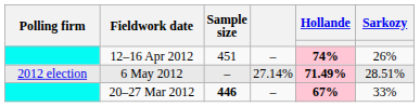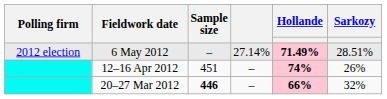 <table class="wikitable sortable" style="text-align:center;font-size:90%;line-height:14px;">
 <tr style="height:40px;">
 <th style="width:100px;" rowspan="2">Polling firm</th>
 <th style="width:110px;" rowspan="2">Fieldwork date</th>
 <th style="width:35px;" rowspan="2">Sample<br>size</th>
 <th style="width:30px;" rowspan="2"></th>
 <th class="unsortable" style="width:60px;"><a href='#'>Hollande</a><br></th>
 <th class="unsortable" style="width:60px;"><a href='#'>Sarkozy</a><br></th>
 </tr>
 <tr>
 <th style="background:"></th>
 <th style="background:"></th>
 </tr>
-<tr>
-<td style="background:#04FBF4;"></td>
-<td data-sort-value="2012-04-16">12–16 Apr 2012</td>
-<td>451</td>
-<td>–</td>
-<td style="background:#FFC6D5;"><strong>74%</strong></td>
-<td>26%</td>
-</tr>
 <tr style="background:#E9E9E9;">
 <td><a href='#'>2012 election</a></td>
 <td data-sort-value="2012-05-06">6 May 2012</td>
 <td>–</td>
 <td>27.14%</td>
 <td style="background:#FFC6D5;"><strong>71.49%</strong></td>
 <td>28.51%</td>
 </tr>
 <tr>
+<td style="background:#04FBF4;"></td>
+<td data-sort-value="2012-04-16">12–16 Apr 2012</td>
+<td>451</td>
+<td>–</td>
+<td style="background:#FFC6D5;"><strong>74%</strong></td>
+<td>26%</td>
+</tr>
+<tr>
 <td style="background:#04FBF4;"> </td>
 <td data-sort-value="2012-03-27">20–27 Mar 2012</td>
 <td><strong>446</strong></td>
 <td>–</td>
-<td style="background:#FFC6D5;"><strong>67%</strong></td>
-<td>33%</td>
+<td style="background:#FFC6D5;"><strong>66%</strong></td>
+<td>32%</td>
 </tr>
 </table>
